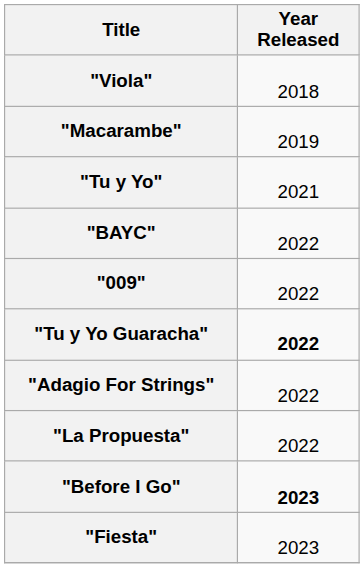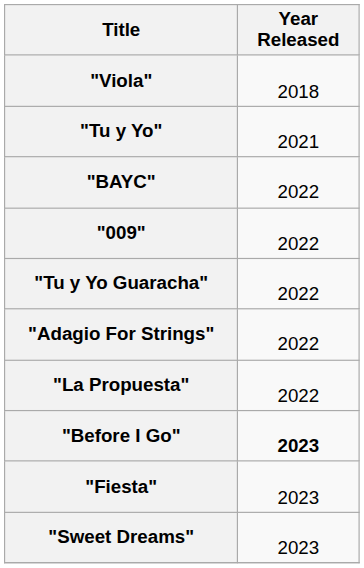 <table class="wikitable sortable" style="text-align:center;" border="1">
 <tr>
 <th scope="col" style="width:12em;">Title</th>
 <th scope="col" style="width:6em;">Year Released</th>
 </tr>
 <tr>
 <th scope="row">"Viola"</th>
 <td><br>2018</td>
-</tr>
-<tr>
-<th scope="row">"Macarambe"</th>
-<td><br>2019</td>
 </tr>
 <tr>
 <th scope="row">"Tu y Yo"</th>
 <td><br>2021</td>
 </tr>
 <tr>
 <th scope="row">"BAYC"</th>
 <td><br>2022</td>
 </tr>
 <tr>
 <th scope="row">"009"</th>
 <td><br>2022</td>
 </tr>
 <tr>
 <th scope="row">"Tu y Yo Guaracha"</th>
-<td><strong><br>2022</strong></td>
+<td><br>2022</td>
 </tr>
 <tr>
 <th scope="row">"Adagio For Strings"</th>
 <td><br>2022</td>
 </tr>
 <tr>
 <th scope="row">"La Propuesta"</th>
 <td><br>2022</td>
 </tr>
 <tr>
 <th scope="row">"Before I Go"</th>
 <td><strong><br>2023</strong></td>
 </tr>
 <tr>
 <th scope="row">"Fiesta"</th>
 <td><br>2023</td>
 </tr>
 <tr>
+<th scope="row">"Sweet Dreams"</th>
+<td><br>2023</td>
+</tr>
+<tr>
 </tr>
 </table>
